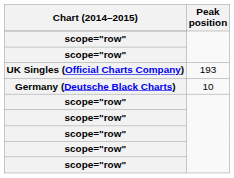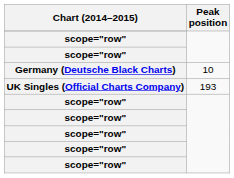 <table class="wikitable plainrowheaders sortable">
 <tr>
 <th scope="col">Chart (2014–2015)</th>
 <th scope="col">Peak<br>position</th>
 </tr>
 <tr>
 </tr>
 <tr>
 <th>scope="row" </th>
 </tr>
 <tr>
 <th>scope="row" </th>
 </tr>
 <tr>
+<th scope="row">Germany (<a href='#'>Deutsche Black Charts</a>)</th>
+<td style="text-align:center;">10</td>
+</tr>
+<tr>
 <th scope="row">UK Singles (<a href='#'>Official Charts Company</a>)</th>
 <td align="center">193</td>
-</tr>
-<tr>
-<th scope="row">Germany (<a href='#'>Deutsche Black Charts</a>)</th>
-<td style="text-align:center;">10</td>
 </tr>
 <tr>
 <th>scope="row" </th>
 </tr>
 <tr>
 <th>scope="row" </th>
 </tr>
 <tr>
 <th>scope="row" </th>
 </tr>
 <tr>
 <th>scope="row"</th>
 </tr>
 <tr>
 <th>scope="row"</th>
 </tr>
 </table>
